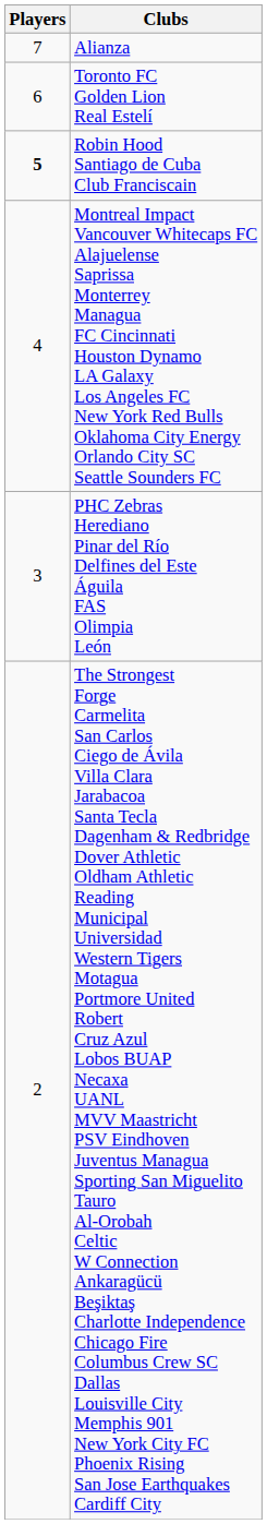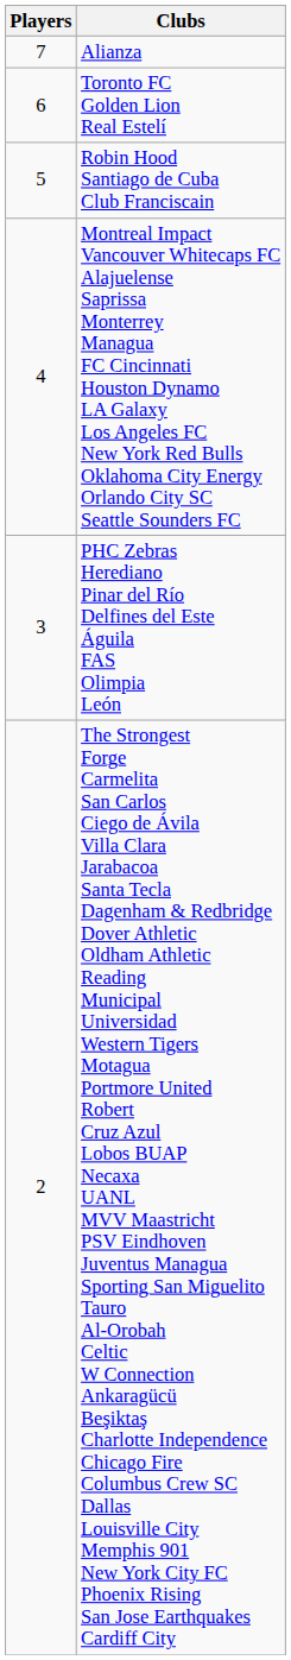 <table class="wikitable">
 <tr>
 <th>Players</th>
 <th>Clubs</th>
 </tr>
 <tr>
 <td align=center>7</td>
 <td> <a href='#'>Alianza</a></td>
 </tr>
 <tr>
 <td align=center>6</td>
 <td> <a href='#'>Toronto FC</a><br> <a href='#'>Golden Lion</a><br> <a href='#'>Real Estelí</a></td>
 </tr>
 <tr>
-<td align=center><strong>5</strong></td>
+<td align=center>5</td>
 <td> <a href='#'>Robin Hood</a><br> <a href='#'>Santiago de Cuba</a><br> <a href='#'>Club Franciscain</a></td>
 </tr>
 <tr>
 <td align=center>4</td>
 <td> <a href='#'>Montreal Impact</a><br> <a href='#'>Vancouver Whitecaps FC</a><br> <a href='#'>Alajuelense</a><br> <a href='#'>Saprissa</a><br> <a href='#'>Monterrey</a><br> <a href='#'>Managua</a><br> <a href='#'>FC Cincinnati</a><br> <a href='#'>Houston Dynamo</a><br> <a href='#'>LA Galaxy</a><br> <a href='#'>Los Angeles FC</a><br> <a href='#'>New York Red Bulls</a><br> <a href='#'>Oklahoma City Energy</a><br> <a href='#'>Orlando City SC</a><br> <a href='#'>Seattle Sounders FC</a></td>
 </tr>
 <tr>
 <td align=center>3</td>
 <td> <a href='#'>PHC Zebras</a><br> <a href='#'>Herediano</a><br> <a href='#'>Pinar del Río</a><br> <a href='#'>Delfines del Este</a><br> <a href='#'>Águila</a><br> <a href='#'>FAS</a><br> <a href='#'>Olimpia</a><br> <a href='#'>León</a></td>
 </tr>
 <tr>
 <td align=center>2</td>
 <td> <a href='#'>The Strongest</a><br> <a href='#'>Forge</a><br> <a href='#'>Carmelita</a><br> <a href='#'>San Carlos</a><br> <a href='#'>Ciego de Ávila</a><br> <a href='#'>Villa Clara</a><br> <a href='#'>Jarabacoa</a><br> <a href='#'>Santa Tecla</a><br> <a href='#'>Dagenham & Redbridge</a><br> <a href='#'>Dover Athletic</a><br> <a href='#'>Oldham Athletic</a><br> <a href='#'>Reading</a><br> <a href='#'>Municipal</a><br> <a href='#'>Universidad</a><br> <a href='#'>Western Tigers</a><br> <a href='#'>Motagua</a><br> <a href='#'>Portmore United</a><br> <a href='#'>Robert</a><br> <a href='#'>Cruz Azul</a><br> <a href='#'>Lobos BUAP</a><br> <a href='#'>Necaxa</a><br> <a href='#'>UANL</a><br> <a href='#'>MVV Maastricht</a><br> <a href='#'>PSV Eindhoven</a><br> <a href='#'>Juventus Managua</a><br> <a href='#'>Sporting San Miguelito</a><br> <a href='#'>Tauro</a><br> <a href='#'>Al-Orobah</a><br> <a href='#'>Celtic</a><br> <a href='#'>W Connection</a><br> <a href='#'>Ankaragücü</a><br> <a href='#'>Beşiktaş</a><br> <a href='#'>Charlotte Independence</a><br> <a href='#'>Chicago Fire</a><br> <a href='#'>Columbus Crew SC</a><br> <a href='#'>Dallas</a><br> <a href='#'>Louisville City</a><br> <a href='#'>Memphis 901</a><br> <a href='#'>New York City FC</a><br> <a href='#'>Phoenix Rising</a><br> <a href='#'>San Jose Earthquakes</a><br> <a href='#'>Cardiff City</a></td>
 </tr>
 </table>
